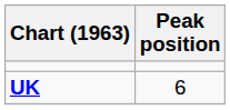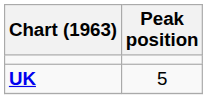 <table class="wikitable">
 <tr>
 <th>Chart (1963)</th>
 <th>Peak<br>position</th>
 </tr>
 <tr>
 <td></td>
 </tr>
 <tr>
 <td><strong><a href='#'>UK</a></strong></td>
-<td style="text-align:center;">6</td>
+<td style="text-align:center;">5</td>
 </tr>
 <tr>
 </tr>
 </table>
